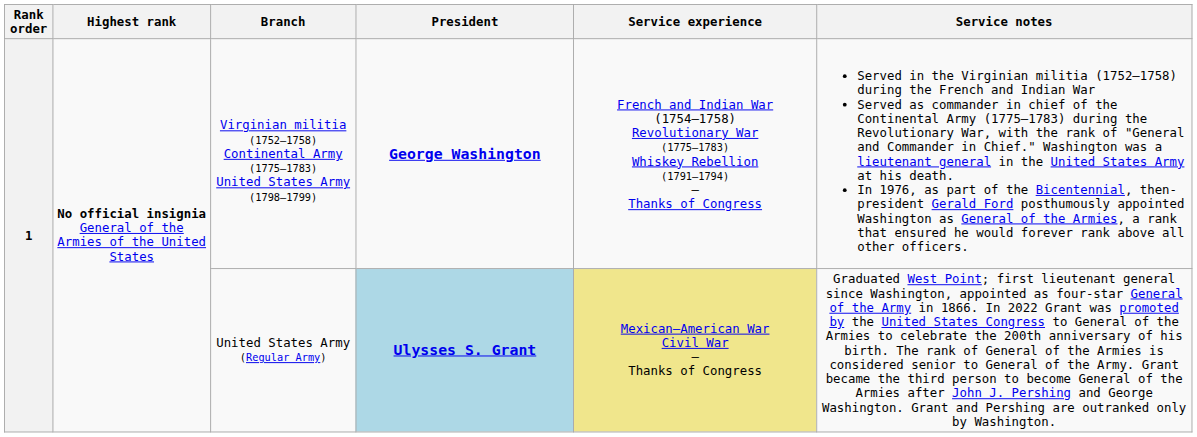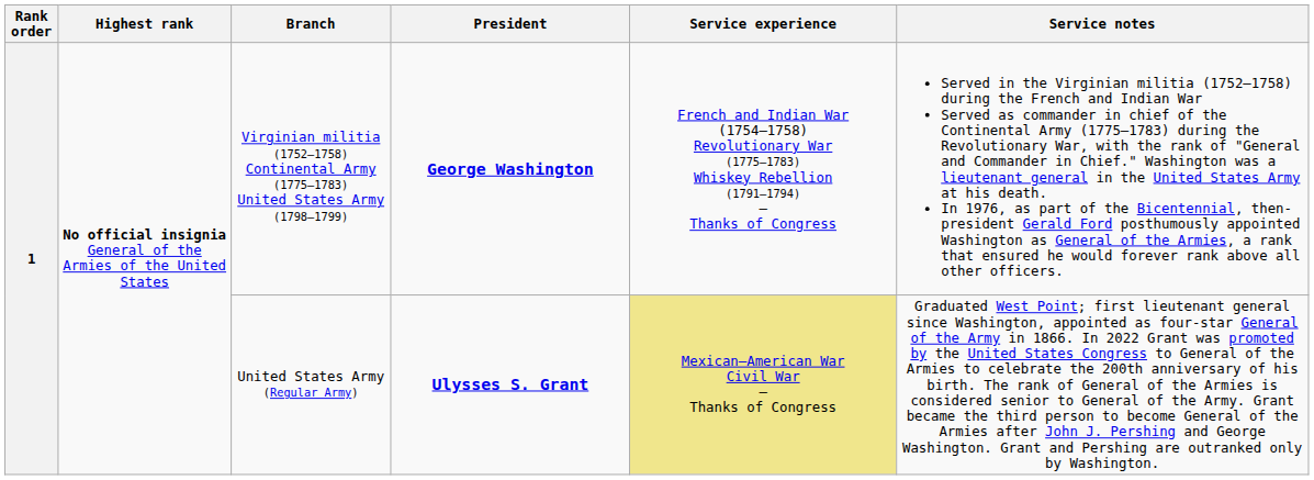 <table class=wikitable style="text-align:center;">
 <tr style="vertical-align:middle;">
 <th width="4%">Rank order</th>
 <th width="13%">Highest rank</th>
 <th width="12%">Branch</th>
 <th width="18%">President</th>
 <th width="20%">Service experience</th>
 <th width="31%">Service notes</th>
 </tr>
 <tr>
 <th rowspan=3>1</th>
 <td rowspan=2><strong>No official insignia</strong><br><a href='#'>General of the Armies of the United States</a></td>
 <td><br><a href='#'>Virginian militia</a><br><small>(1752–1758)</small><br><a href='#'>Continental Army</a><br><small>(1775–1783)</small><br><a href='#'>United States Army</a><br><small>(1798–1799)</small></td>
 <td><big><strong><a href='#'>George Washington</a></strong></big><small></small></td>
 <td><a href='#'>French and Indian War</a><br>(1754–1758)<br><a href='#'>Revolutionary War</a><br><small>(1775–1783)</small><br><a href='#'>Whiskey Rebellion</a><br><small>(1791–1794)</small><br>–<br><a href='#'>Thanks of Congress</a></td>
 <td style="text-align:left;"><br><ul><li>Served in the Virginian militia (1752–1758) during the French and Indian War</li><li>Served as commander in chief of the Continental Army (1775–1783) during the Revolutionary War, with the rank of "General and Commander in Chief." Washington was a <a href='#'>lieutenant general</a> in the <a href='#'>United States Army</a> at his death.</li><li>In 1976, as part of the <a href='#'>Bicentennial</a>, then-president <a href='#'>Gerald Ford</a> posthumously appointed Washington as <a href='#'>General of the Armies</a>, a rank that ensured he would forever rank above all other officers.</li></ul></td>
 </tr>
 <tr>
 <td>United States Army<br><small>(<a href='#'>Regular Army</a>)</small></td>
-<td style="background: lightblue;"><big><strong><a href='#'>Ulysses S. Grant</a></strong></big></td>
+<td><big><strong><a href='#'>Ulysses S. Grant</a></strong></big></td>
 <td style="background: khaki;"><a href='#'>Mexican–American War</a><br> <a href='#'>Civil War</a><br>–<br>Thanks of Congress</td>
 <td>Graduated <a href='#'>West Point</a>; first lieutenant general since Washington, appointed as four-star <a href='#'>General of the Army</a> in 1866. In 2022 Grant was <a href='#'>promoted by</a> the <a href='#'>United States Congress</a> to General of the Armies to celebrate the 200th anniversary of his birth. The rank of General of the Armies is considered senior to General of the Army. Grant became the third person to become General of the Armies after <a href='#'>John J. Pershing</a> and George Washington. Grant and Pershing are outranked only by Washington.</td>
 </tr>
 </table>
